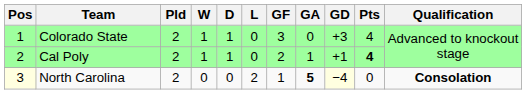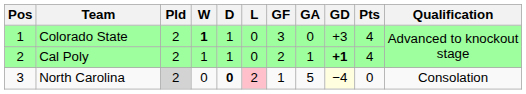 <table class="wikitable" style="text-align:center; margin: 1em auto">
 <tr>
 <th style=width:2em>Pos</th>
 <th style=width:13em>Team</th>
 <th style=width:2em>Pld</th>
 <th style=width:2em>W</th>
 <th style=width:2em>D</th>
 <th style=width:2em>L</th>
 <th style=width:2em>GF</th>
 <th style=width:2em>GA</th>
 <th style=width:2em>GD</th>
 <th style=width:2em>Pts</th>
 <th style=width:13em>Qualification</th>
 </tr>
 <tr bgcolor="#9eff9e">
 <td>1</td>
 <td style="text-align:left">Colorado State</td>
 <td>2</td>
-<td>1</td>
+<td><strong>1</strong></td>
 <td>1</td>
 <td>0</td>
 <td>3</td>
 <td>0</td>
 <td>+3</td>
 <td>4</td>
 <td rowspan="2">Advanced to knockout stage</td>
 </tr>
 <tr bgcolor="#9eff9e">
 <td>2</td>
 <td style="text-align:left">Cal Poly</td>
 <td>2</td>
 <td>1</td>
 <td>1</td>
 <td>0</td>
 <td>2</td>
 <td>1</td>
-<td>+1</td>
-<td><strong>4</strong></td>
+<td><strong>+1</strong></td>
+<td>4</td>
 </tr>
 <tr>
-<td style="background: lightyellow;">3</td>
+<td>3</td>
 <td style="text-align:left">North Carolina</td>
-<td>2</td>
+<td style="background: lightgrey;">2</td>
 <td>0</td>
-<td>0</td>
-<td>2</td>
+<td><strong>0</strong></td>
+<td style="background: pink;">2</td>
 <td>1</td>
-<td><strong>5</strong></td>
+<td>5</td>
 <td style="background: lightyellow;">−4</td>
 <td>0</td>
-<td><strong>Consolation</strong></td>
+<td>Consolation</td>
 </tr>
 </table>
